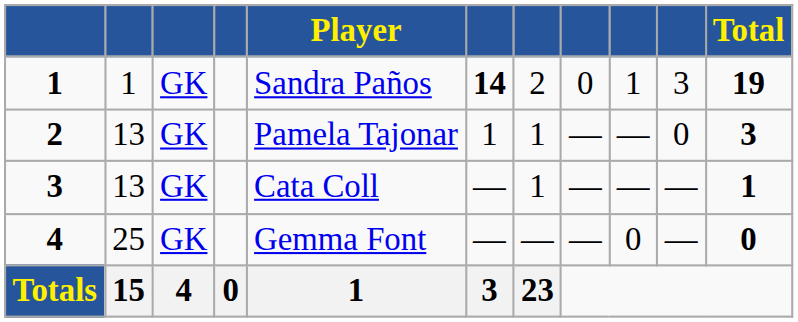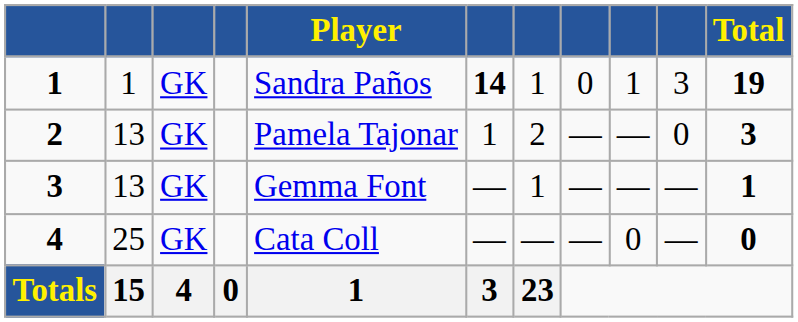 <table class="wikitable" style="text-align:center;">
 <tr>
 <th style="background:#26559B; color:#FFF000; "></th>
 <th style="background:#26559B; color:#FFF000; "></th>
 <th style="background:#26559B; color:#FFF000; "></th>
 <th style="background:#26559B; color:#FFF000; "></th>
 <th style="background:#26559B; color:#FFF000; ">Player</th>
 <th style="background:#26559B; color:#FFF000; "></th>
 <th style="background:#26559B; color:#FFF000; "></th>
 <th style="background:#26559B; color:#FFF000; "></th>
 <th style="background:#26559B; color:#FFF000; "></th>
 <th style="background:#26559B; color:#FFF000; "></th>
 <th style="background:#26559B; color:#FFF000; ">Total</th>
 </tr>
 <tr>
 <td><strong>1</strong></td>
 <td>1</td>
 <td><a href='#'>GK</a></td>
 <td></td>
 <td align="left"><a href='#'>Sandra Paños</a></td>
 <td><strong>14</strong></td>
-<td>2</td>
+<td>1</td>
 <td>0</td>
 <td>1</td>
 <td>3</td>
 <td><strong>19</strong></td>
 </tr>
 <tr>
 <td><strong>2</strong></td>
 <td>13</td>
 <td><a href='#'>GK</a></td>
 <td></td>
 <td><a href='#'>Pamela Tajonar</a></td>
 <td>1</td>
-<td>1</td>
+<td>2</td>
 <td>—</td>
 <td>—</td>
 <td>0</td>
 <td><strong>3</strong></td>
 </tr>
 <tr>
 <td><strong>3</strong></td>
 <td>13</td>
 <td><a href='#'>GK</a></td>
 <td></td>
-<td align="left"><a href='#'>Cata Coll</a></td>
+<td align="left"><a href='#'>Gemma Font</a></td>
 <td>—</td>
 <td>1</td>
 <td>—</td>
 <td>—</td>
 <td>—</td>
 <td><strong>1</strong></td>
 </tr>
 <tr>
 <td><strong>4</strong></td>
 <td>25</td>
 <td><a href='#'>GK</a></td>
 <td></td>
-<td align="left"><a href='#'>Gemma Font</a></td>
+<td align="left"><a href='#'>Cata Coll</a></td>
 <td>—</td>
 <td>—</td>
 <td>—</td>
 <td>0</td>
 <td>—</td>
 <td><strong>0</strong></td>
 </tr>
 <tr>
 <th style="background:#26559B; color:#FFF000; "><strong>Totals</strong></th>
 <th>15</th>
 <th>4</th>
 <th><strong>0</strong></th>
 <th>1</th>
 <th>3</th>
 <th><strong>23</strong></th>
 </tr>
 </table>
